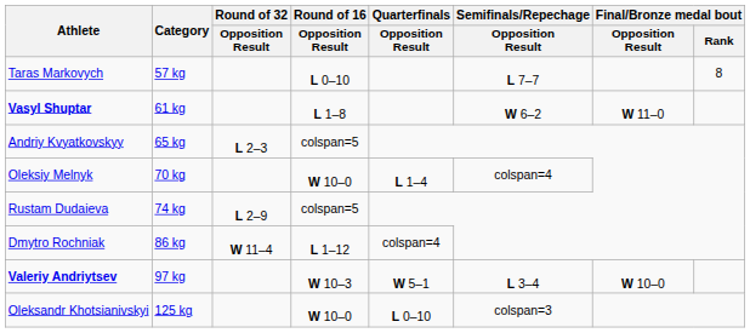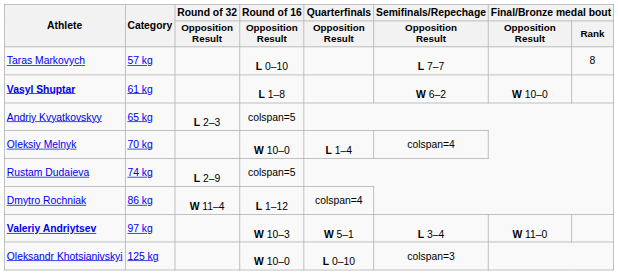 <table class="wikitable" style="text-align:center; font-size:90%">
 <tr>
 <th rowspan=2>Athlete</th>
 <th rowspan=2>Category</th>
 <th>Round of 32</th>
 <th>Round of 16</th>
 <th>Quarterfinals</th>
 <th>Semifinals/Repechage</th>
 <th colspan=2>Final/Bronze medal bout</th>
 </tr>
 <tr style="font-size:95%">
 <th>Opposition<br>Result</th>
 <th>Opposition<br>Result</th>
 <th>Opposition<br>Result</th>
 <th>Opposition<br>Result</th>
 <th>Opposition<br>Result</th>
 <th>Rank</th>
 </tr>
 <tr>
 <td align=left><a href='#'>Taras Markovych</a></td>
 <td align=left><a href='#'>57 kg</a></td>
 <td></td>
 <td><br> <strong>L</strong> 0–10</td>
 <td></td>
 <td><br> <strong>L</strong> 7–7</td>
 <td></td>
 <td>8</td>
 </tr>
 <tr>
 <td align=left><strong><a href='#'>Vasyl Shuptar</a></strong></td>
 <td align=left><a href='#'>61 kg</a></td>
 <td></td>
 <td><br> <strong>L</strong> 1–8</td>
 <td></td>
 <td><br> <strong>W</strong> 6–2</td>
-<td><br> <strong>W</strong> 11–0</td>
+<td><br> <strong>W</strong> 10–0</td>
 <td></td>
 </tr>
 <tr>
 <td align=left><a href='#'>Andriy Kvyatkovskyy</a></td>
 <td align=left><a href='#'>65 kg</a></td>
 <td><br> <strong>L</strong> 2–3</td>
 <td>colspan=5 </td>
 </tr>
 <tr>
 <td align=left><a href='#'>Oleksiy Melnyk</a></td>
 <td align=left><a href='#'>70 kg</a></td>
 <td></td>
 <td><br> <strong>W</strong> 10–0</td>
 <td><br> <strong>L</strong> 1–4</td>
 <td>colspan=4 </td>
 </tr>
 <tr>
 <td align=left><a href='#'>Rustam Dudaieva</a></td>
 <td align=left><a href='#'>74 kg</a></td>
 <td><br> <strong>L</strong> 2–9</td>
 <td>colspan=5 </td>
 </tr>
 <tr>
 <td align=left><a href='#'>Dmytro Rochniak</a></td>
 <td align=left><a href='#'>86 kg</a></td>
 <td><br> <strong>W</strong> 11–4</td>
 <td><br> <strong>L</strong> 1–12</td>
 <td>colspan=4 </td>
 </tr>
 <tr>
 <td align=left><strong><a href='#'>Valeriy Andriytsev</a></strong></td>
 <td align=left><a href='#'>97 kg</a></td>
 <td></td>
 <td><br> <strong>W</strong> 10–3</td>
 <td><br> <strong>W</strong> 5–1</td>
 <td><br> <strong>L</strong> 3–4</td>
-<td><br> <strong>W</strong> 10–0</td>
+<td><br> <strong>W</strong> 11–0</td>
 <td></td>
 </tr>
 <tr>
 <td align=left><a href='#'>Oleksandr Khotsianivskyi</a></td>
 <td align=left><a href='#'>125 kg</a></td>
 <td></td>
 <td><br> <strong>W</strong> 10–0</td>
 <td><br> <strong>L</strong> 0–10</td>
 <td>colspan=3 </td>
 </tr>
 </table>
